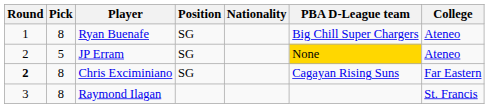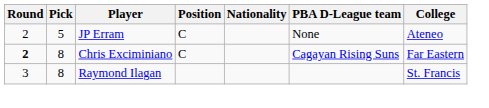 <table class="wikitable sortable sortable">
 <tr>
 <th>Round</th>
 <th>Pick</th>
 <th>Player</th>
 <th>Position</th>
 <th>Nationality</th>
 <th>PBA D-League team</th>
 <th>College</th>
 </tr>
 <tr>
-<td align=center>1</td>
-<td align=center>8</td>
-<td><a href='#'>Ryan Buenafe</a></td>
-<td>SG</td>
-<td></td>
-<td><a href='#'>Big Chill Super Chargers</a></td>
-<td><a href='#'>Ateneo</a></td>
-</tr>
-<tr>
 <td align=center>2</td>
 <td align=center>5</td>
 <td><a href='#'>JP Erram</a></td>
-<td>SG</td>
+<td>C</td>
 <td></td>
-<td style="background: gold;">None</td>
+<td>None</td>
 <td><a href='#'>Ateneo</a></td>
 </tr>
 <tr>
 <td align=center><strong>2</strong></td>
 <td align=center>8</td>
 <td><a href='#'>Chris Exciminiano</a></td>
-<td>SG</td>
+<td>C</td>
 <td></td>
 <td><a href='#'>Cagayan Rising Suns</a></td>
 <td><a href='#'>Far Eastern</a></td>
 </tr>
 <tr>
 <td align=center>3</td>
 <td align=center>8</td>
 <td><a href='#'>Raymond Ilagan</a></td>
 <td></td>
 <td></td>
 <td></td>
 <td><a href='#'>St. Francis</a></td>
 </tr>
 </table>
